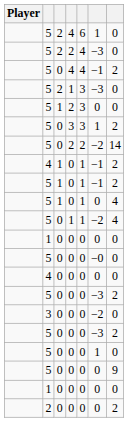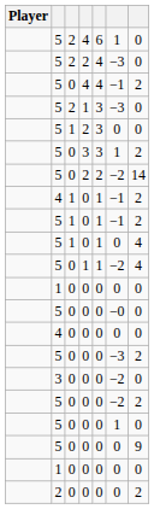 <table class="wikitable sortable" style="text-align:center;">
 <tr>
 <th>Player</th>
 <th></th>
 <th></th>
 <th></th>
 <th></th>
 <th data-sort-type="number"></th>
 <th></th>
 </tr>
 <tr>
 <td></td>
 <td>5</td>
 <td>2</td>
 <td>4</td>
 <td>6</td>
 <td>1</td>
 <td>0</td>
 </tr>
 <tr>
 <td></td>
 <td>5</td>
 <td>2</td>
 <td>2</td>
 <td>4</td>
 <td>−3</td>
 <td>0</td>
 </tr>
 <tr>
 <td></td>
 <td>5</td>
 <td>0</td>
 <td>4</td>
 <td>4</td>
 <td>−1</td>
 <td>2</td>
 </tr>
 <tr>
 <td></td>
 <td>5</td>
 <td>2</td>
 <td>1</td>
 <td>3</td>
 <td>−3</td>
 <td>0</td>
 </tr>
 <tr>
 <td></td>
 <td>5</td>
 <td>1</td>
 <td>2</td>
 <td>3</td>
 <td>0</td>
 <td>0</td>
 </tr>
 <tr>
 <td></td>
 <td>5</td>
 <td>0</td>
 <td>3</td>
 <td>3</td>
 <td>1</td>
 <td>2</td>
 </tr>
 <tr>
 <td></td>
 <td>5</td>
 <td>0</td>
 <td>2</td>
 <td>2</td>
 <td>−2</td>
 <td>14</td>
 </tr>
 <tr>
 <td></td>
 <td>4</td>
 <td>1</td>
 <td>0</td>
 <td>1</td>
 <td>−1</td>
 <td>2</td>
 </tr>
 <tr>
 <td></td>
 <td>5</td>
 <td>1</td>
 <td>0</td>
 <td>1</td>
 <td>−1</td>
 <td>2</td>
 </tr>
 <tr>
 <td></td>
 <td>5</td>
 <td>1</td>
 <td>0</td>
 <td>1</td>
 <td>0</td>
 <td>4</td>
 </tr>
 <tr>
 <td></td>
 <td>5</td>
 <td>0</td>
 <td>1</td>
 <td>1</td>
 <td>−2</td>
 <td>4</td>
 </tr>
 <tr>
 <td></td>
 <td>1</td>
 <td>0</td>
 <td>0</td>
 <td>0</td>
 <td>0</td>
 <td>0</td>
 </tr>
 <tr>
 <td></td>
 <td>5</td>
 <td>0</td>
 <td>0</td>
 <td>0</td>
 <td>−0</td>
 <td>0</td>
 </tr>
 <tr>
 <td></td>
 <td>4</td>
 <td>0</td>
 <td>0</td>
 <td>0</td>
 <td>0</td>
 <td>0</td>
 </tr>
 <tr>
 <td></td>
 <td>5</td>
 <td>0</td>
 <td>0</td>
 <td>0</td>
 <td>−3</td>
 <td>2</td>
 </tr>
 <tr>
 <td></td>
 <td>3</td>
 <td>0</td>
 <td>0</td>
 <td>0</td>
 <td>−2</td>
 <td>0</td>
 </tr>
 <tr>
 <td></td>
 <td>5</td>
 <td>0</td>
 <td>0</td>
 <td>0</td>
-<td>−3</td>
+<td>−2</td>
 <td>2</td>
 </tr>
 <tr>
 <td></td>
 <td>5</td>
 <td>0</td>
 <td>0</td>
 <td>0</td>
 <td>1</td>
 <td>0</td>
 </tr>
 <tr>
 <td></td>
 <td>5</td>
 <td>0</td>
 <td>0</td>
 <td>0</td>
 <td>0</td>
 <td>9</td>
 </tr>
 <tr>
 <td></td>
 <td>1</td>
 <td>0</td>
 <td>0</td>
 <td>0</td>
 <td>0</td>
 <td>0</td>
 </tr>
 <tr>
 <td></td>
 <td>2</td>
 <td>0</td>
 <td>0</td>
 <td>0</td>
 <td>0</td>
 <td>2</td>
 </tr>
 </table>
